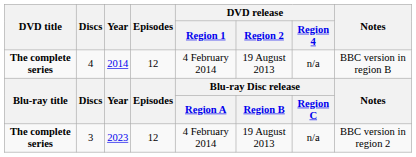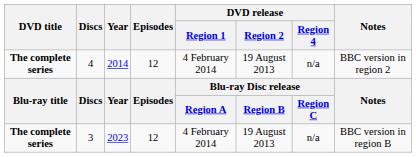 <table class="wikitable"  style="width:99%; left:0 auto; text-align:center;">
 <tr>
 <th rowspan="2">DVD title</th>
 <th rowspan="2">Discs</th>
 <th rowspan="2">Year</th>
 <th rowspan="2">Episodes</th>
 <th colspan="3">DVD release</th>
 <th rowspan="2">Notes</th>
 </tr>
 <tr>
 <th><a href='#'>Region 1</a></th>
 <th><a href='#'>Region 2</a></th>
 <th><a href='#'>Region 4</a></th>
 </tr>
 <tr>
 <td><strong>The complete series</strong></td>
 <td>4</td>
 <td><a href='#'>2014</a></td>
 <td>12</td>
 <td>4 February 2014</td>
 <td>19 August 2013</td>
 <td>n/a</td>
-<td>BBC version in region B</td>
+<td>BBC version in region 2</td>
 </tr>
 <tr>
 <th rowspan="2">Blu-ray title</th>
 <th rowspan="2">Discs</th>
 <th rowspan="2">Year</th>
 <th rowspan="2">Episodes</th>
 <th colspan="3">Blu-ray Disc release</th>
 <th rowspan="2">Notes</th>
 </tr>
 <tr>
 <th><a href='#'>Region A</a></th>
 <th><a href='#'>Region B</a></th>
 <th><a href='#'>Region C</a></th>
 </tr>
 <tr>
 <td><strong>The complete series</strong></td>
 <td>3</td>
 <td><a href='#'>2023</a></td>
 <td>12</td>
 <td>4 February 2014</td>
 <td>19 August 2013</td>
 <td>n/a</td>
-<td>BBC version in region 2</td>
+<td>BBC version in region B</td>
 </tr>
 </table>
